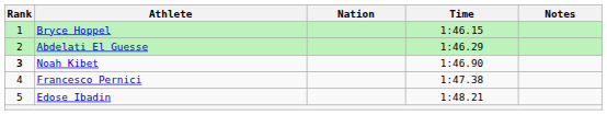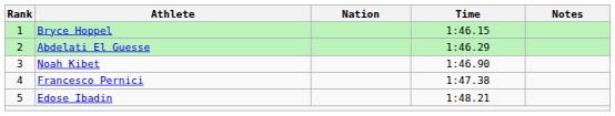 <table class="wikitable sortable" style="text-align:center;width: 60%;">
 <tr>
 <th scope="col" style="width: 10px;">Rank</th>
 <th scope="col">Athlete</th>
 <th scope="col">Nation</th>
 <th scope="col">Time</th>
 <th scope="col">Notes</th>
 </tr>
 <tr bgcolor=bbf3bb>
 <td>1</td>
 <td align=left><a href='#'>Bryce Hoppel</a></td>
 <td align=left></td>
 <td>1:46.15</td>
 <td></td>
 </tr>
 <tr bgcolor=bbf3bb>
 <td>2</td>
 <td align=left><a href='#'>Abdelati El Guesse</a></td>
 <td align=left></td>
 <td>1:46.29</td>
 <td></td>
 </tr>
 <tr>
-<td><strong>3</strong></td>
+<td>3</td>
 <td align=left><a href='#'>Noah Kibet</a></td>
 <td align=left></td>
 <td>1:46.90</td>
 <td></td>
 </tr>
 <tr>
 <td>4</td>
 <td align=left><a href='#'>Francesco Pernici</a></td>
 <td align=left></td>
 <td>1:47.38</td>
 <td></td>
 </tr>
 <tr>
 <td>5</td>
 <td align=left><a href='#'>Edose Ibadin</a></td>
 <td align=left></td>
 <td>1:48.21</td>
 <td></td>
 </tr>
 <tr class="sortbottom">
 <td colspan="5"></td>
 </tr>
 </table>
